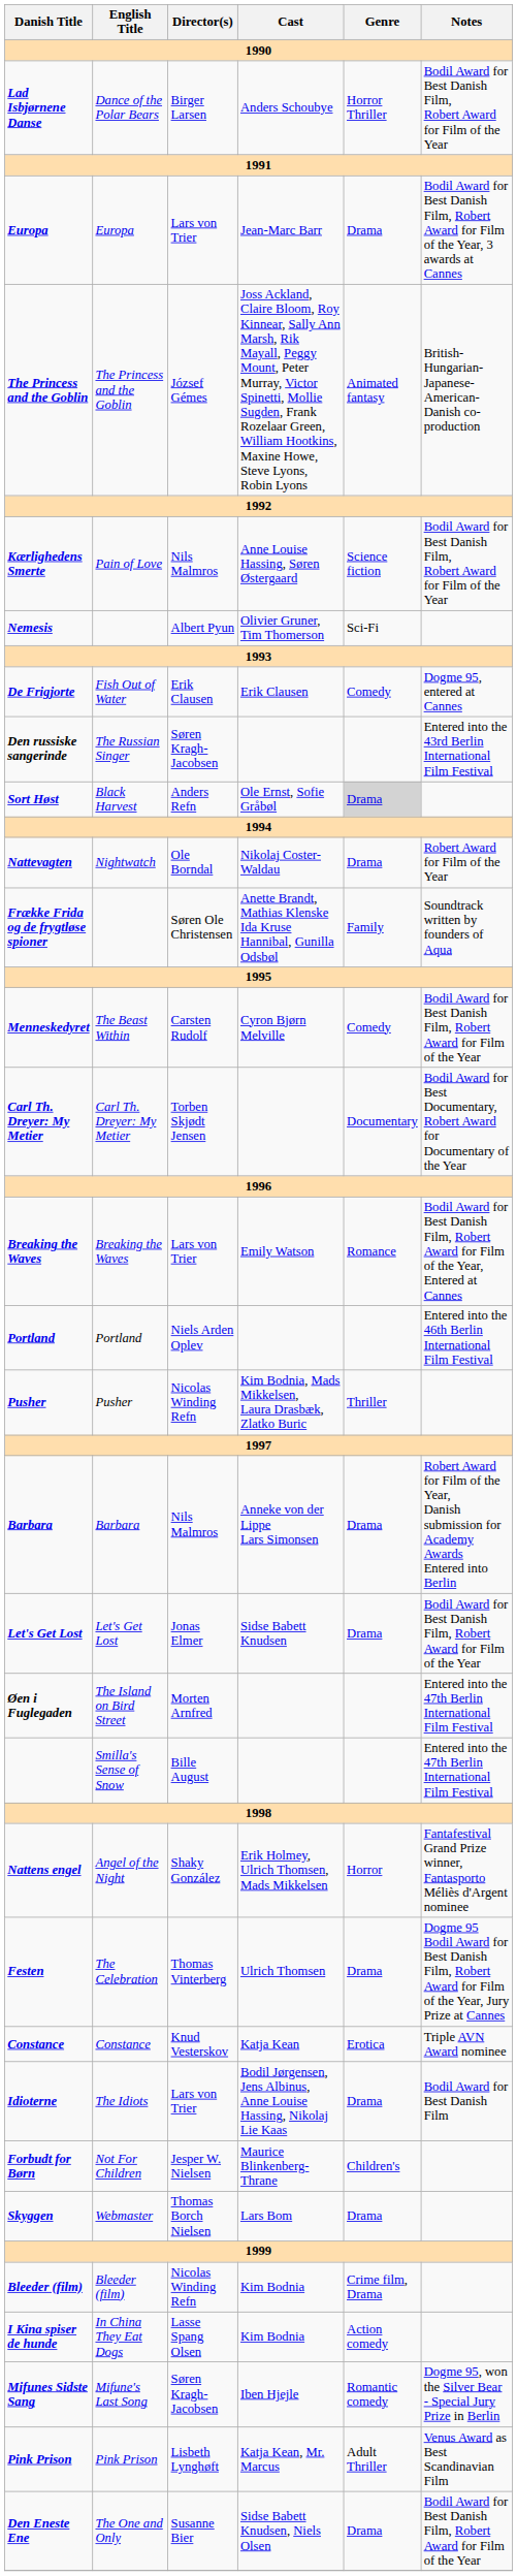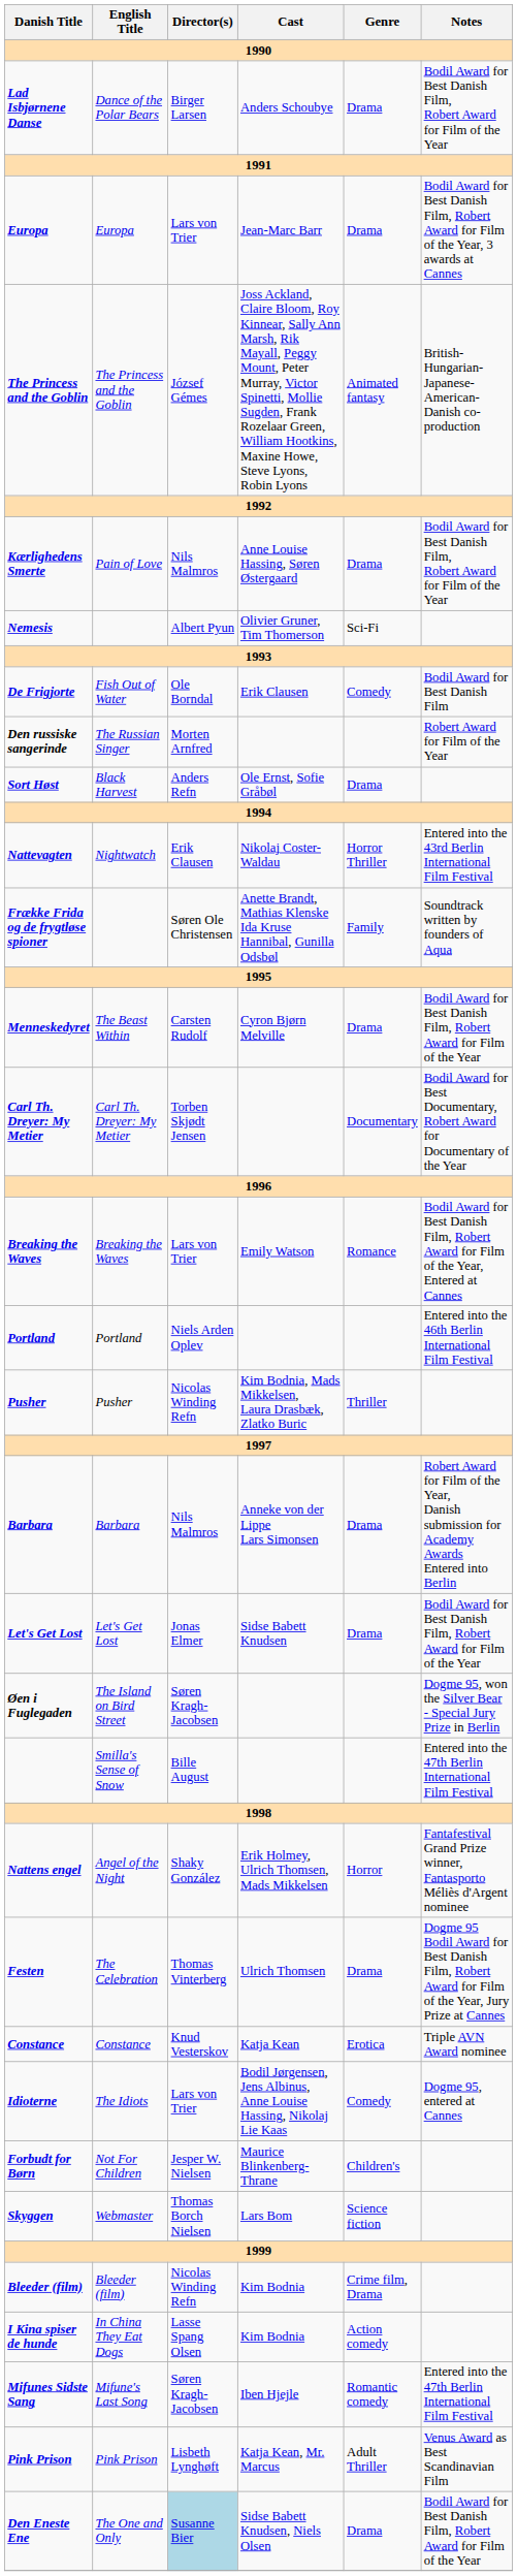 <table class="wikitable" width= "100%">
 <tr>
 <th width=16%>Danish Title</th>
 <th width=16%>English Title</th>
 <th width=14%>Director(s)</th>
 <th width=26%>Cast</th>
 <th width=6%>Genre</th>
 <th width=20%>Notes</th>
 </tr>
 <tr>
 <td colspan="7" style="text-align:center; background:#ffdead;"><strong>1990</strong></td>
 </tr>
 <tr>
 <td><strong><em><a href='#'>Lad Isbjørnene Danse</a></em></strong></td>
 <td><em><a href='#'>Dance of the Polar Bears</a></em></td>
 <td><a href='#'>Birger Larsen</a></td>
 <td><a href='#'>Anders Schoubye</a></td>
-<td><a href='#'>Horror</a> <a href='#'>Thriller</a></td>
+<td><a href='#'>Drama</a></td>
 <td><a href='#'>Bodil Award</a> for Best Danish Film, <br> <a href='#'>Robert Award</a> for Film of the Year</td>
 </tr>
 <tr>
 <td colspan="7" style="text-align:center; background:#ffdead;"><strong>1991</strong></td>
 </tr>
 <tr>
 <td><strong><em><a href='#'>Europa</a></em></strong></td>
 <td><em><a href='#'>Europa</a></em></td>
 <td><a href='#'>Lars von Trier</a></td>
 <td><a href='#'>Jean-Marc Barr</a></td>
 <td><a href='#'>Drama</a></td>
 <td><a href='#'>Bodil Award</a> for Best Danish Film, <a href='#'>Robert Award</a> for Film of the Year, 3 awards at <a href='#'>Cannes</a></td>
 </tr>
 <tr>
 <td><strong><em><a href='#'>The Princess and the Goblin</a></em></strong></td>
 <td><em><a href='#'>The Princess and the Goblin</a></em></td>
 <td><a href='#'>József Gémes</a></td>
 <td><a href='#'>Joss Ackland</a>, <a href='#'>Claire Bloom</a>, <a href='#'>Roy Kinnear</a>, <a href='#'>Sally Ann Marsh</a>, <a href='#'>Rik Mayall</a>, <a href='#'>Peggy Mount</a>, Peter Murray, <a href='#'>Victor Spinetti</a>, <a href='#'>Mollie Sugden</a>, Frank Rozelaar Green, <a href='#'>William Hootkins</a>, Maxine Howe, Steve Lyons, Robin Lyons</td>
 <td><a href='#'>Animated</a> <a href='#'>fantasy</a></td>
 <td>British-Hungarian-Japanese-American-Danish co-production</td>
 </tr>
 <tr>
 <td colspan="7" style="text-align:center; background:#ffdead;"><strong>1992</strong></td>
 </tr>
 <tr>
 <td><strong><em><a href='#'>Kærlighedens Smerte</a></em></strong></td>
 <td><em><a href='#'>Pain of Love</a></em></td>
 <td><a href='#'>Nils Malmros</a></td>
 <td><a href='#'>Anne Louise Hassing</a>, <a href='#'>Søren Østergaard</a></td>
-<td><a href='#'>Science fiction</a></td>
+<td><a href='#'>Drama</a></td>
 <td><a href='#'>Bodil Award</a> for Best Danish Film,<br> <a href='#'>Robert Award</a> for Film of the Year</td>
 </tr>
 <tr>
 <td><strong><em><a href='#'>Nemesis</a></em></strong></td>
 <td></td>
 <td><a href='#'>Albert Pyun</a></td>
 <td><a href='#'>Olivier Gruner</a>, <a href='#'>Tim Thomerson</a></td>
 <td>Sci-Fi</td>
 <td></td>
 </tr>
 <tr>
 <td colspan="7" style="text-align:center; background:#ffdead;"><strong>1993</strong></td>
 </tr>
 <tr>
 <td><strong><em><a href='#'>De Frigjorte</a></em></strong></td>
 <td><em><a href='#'>Fish Out of Water</a></em></td>
-<td><a href='#'>Erik Clausen</a></td>
+<td><a href='#'>Ole Borndal</a></td>
 <td><a href='#'>Erik Clausen</a></td>
 <td><a href='#'>Comedy</a></td>
-<td><a href='#'>Dogme 95</a>, entered at <a href='#'>Cannes</a></td>
+<td><a href='#'>Bodil Award</a> for Best Danish Film</td>
 </tr>
 <tr>
 <td><strong><em>Den russiske sangerinde</em></strong></td>
 <td><em><a href='#'>The Russian Singer</a></em></td>
-<td><a href='#'>Søren Kragh-Jacobsen</a></td>
+<td><a href='#'>Morten Arnfred</a></td>
 <td></td>
 <td></td>
-<td>Entered into the <a href='#'>43rd Berlin International Film Festival</a></td>
+<td><a href='#'>Robert Award</a> for Film of the Year</td>
 </tr>
 <tr>
 <td><strong><em><a href='#'>Sort Høst</a></em></strong></td>
 <td><em><a href='#'>Black Harvest</a></em></td>
 <td><a href='#'>Anders Refn</a></td>
 <td><a href='#'>Ole Ernst</a>, <a href='#'>Sofie Gråbøl</a></td>
-<td style="background: lightgrey;"><a href='#'>Drama</a></td>
+<td><a href='#'>Drama</a></td>
 <td></td>
 </tr>
 <tr>
 <td colspan="7" style="text-align:center; background:#ffdead;"><strong>1994</strong></td>
 </tr>
 <tr>
 <td><strong><em><a href='#'>Nattevagten</a></em></strong></td>
 <td><em><a href='#'>Nightwatch</a></em></td>
-<td><a href='#'>Ole Borndal</a></td>
+<td><a href='#'>Erik Clausen</a></td>
 <td><a href='#'>Nikolaj Coster-Waldau</a></td>
-<td><a href='#'>Drama</a></td>
-<td><a href='#'>Robert Award</a> for Film of the Year</td>
+<td><a href='#'>Horror</a> <a href='#'>Thriller</a></td>
+<td>Entered into the <a href='#'>43rd Berlin International Film Festival</a></td>
 </tr>
 <tr>
 <td><strong><em><a href='#'>Frække Frida og de frygtløse spioner</a></em></strong></td>
 <td></td>
 <td>Søren Ole Christensen</td>
 <td><a href='#'>Anette Brandt</a>, <a href='#'>Mathias Klenske</a><br><a href='#'>Ida Kruse Hannibal</a>, <a href='#'>Gunilla Odsbøl</a></td>
 <td><a href='#'>Family</a></td>
 <td>Soundtrack written by founders of <a href='#'>Aqua</a></td>
 </tr>
 <tr>
 <td colspan="7" style="text-align:center; background:#ffdead;"><strong>1995</strong></td>
 </tr>
 <tr>
 <td><strong><em><a href='#'>Menneskedyret</a></em></strong></td>
 <td><em><a href='#'>The Beast Within</a></em></td>
 <td><a href='#'>Carsten Rudolf</a></td>
 <td><a href='#'>Cyron Bjørn Melville</a></td>
-<td><a href='#'>Comedy</a></td>
+<td><a href='#'>Drama</a></td>
 <td><a href='#'>Bodil Award</a>  for Best Danish Film, <a href='#'>Robert Award</a> for Film of the Year</td>
 </tr>
 <tr>
 <td><strong><em><a href='#'>Carl Th. Dreyer: My Metier</a></em></strong></td>
 <td><em><a href='#'>Carl Th. Dreyer: My Metier</a></em></td>
 <td><a href='#'>Torben Skjødt Jensen</a></td>
 <td></td>
 <td><a href='#'>Documentary</a></td>
 <td><a href='#'>Bodil Award</a> for Best Documentary, <a href='#'>Robert Award</a> for Documentary of the Year</td>
 </tr>
 <tr>
 <td colspan="7" style="text-align:center; background:#ffdead;"><strong>1996</strong></td>
 </tr>
 <tr>
 <td><strong><em><a href='#'>Breaking the Waves</a></em></strong></td>
 <td><em><a href='#'>Breaking the Waves</a></em></td>
 <td><a href='#'>Lars von Trier</a></td>
 <td><a href='#'>Emily Watson</a></td>
 <td><a href='#'>Romance</a></td>
 <td><a href='#'>Bodil Award</a> for Best Danish Film, <a href='#'>Robert Award</a> for Film of the Year, <br>Entered at <a href='#'>Cannes</a></td>
 </tr>
 <tr>
 <td><strong><em><a href='#'>Portland</a></em></strong></td>
 <td><em>Portland</em></td>
 <td><a href='#'>Niels Arden Oplev</a></td>
 <td></td>
 <td></td>
 <td>Entered into the <a href='#'>46th Berlin International Film Festival</a></td>
 </tr>
 <tr>
 <td><strong><em><a href='#'>Pusher</a></em></strong></td>
 <td><em>Pusher</em></td>
 <td><a href='#'>Nicolas Winding Refn</a></td>
 <td><a href='#'>Kim Bodnia</a>, <a href='#'>Mads Mikkelsen</a>, <br><a href='#'>Laura Drasbæk</a>, <a href='#'>Zlatko Buric</a></td>
 <td><a href='#'>Thriller</a></td>
 <td></td>
 </tr>
 <tr>
 <td colspan="7" style="text-align:center; background:#ffdead;"><strong>1997</strong></td>
 </tr>
 <tr>
 <td><strong><em><a href='#'>Barbara</a></em></strong></td>
 <td><em><a href='#'>Barbara</a></em></td>
 <td><a href='#'>Nils Malmros</a></td>
 <td><a href='#'>Anneke von der Lippe</a><br><a href='#'>Lars Simonsen</a></td>
 <td><a href='#'>Drama</a></td>
 <td><a href='#'>Robert Award</a> for Film of the Year,<br> Danish submission for <a href='#'>Academy Awards</a><br>Entered into <a href='#'>Berlin</a></td>
 </tr>
 <tr>
 <td><strong><em><a href='#'>Let's Get Lost</a></em></strong></td>
 <td><em><a href='#'>Let's Get Lost</a></em></td>
 <td><a href='#'>Jonas Elmer</a></td>
 <td><a href='#'>Sidse Babett Knudsen</a></td>
 <td><a href='#'>Drama</a></td>
 <td><a href='#'>Bodil Award</a> for Best Danish Film, <a href='#'>Robert Award</a> for Film of the Year</td>
 </tr>
 <tr>
 <td><strong><em>Øen i Fuglegaden</em></strong></td>
 <td><em><a href='#'>The Island on Bird Street</a></em></td>
-<td><a href='#'>Morten Arnfred</a></td>
+<td><a href='#'>Søren Kragh-Jacobsen</a></td>
 <td></td>
 <td></td>
-<td>Entered into the <a href='#'>47th Berlin International Film Festival</a></td>
+<td><a href='#'>Dogme 95</a>, won the <a href='#'>Silver Bear - Special Jury Prize</a> in <a href='#'>Berlin</a></td>
 </tr>
 <tr>
 <td></td>
 <td><em><a href='#'>Smilla's Sense of Snow</a></em></td>
 <td><a href='#'>Bille August</a></td>
 <td></td>
 <td></td>
 <td>Entered into the <a href='#'>47th Berlin International Film Festival</a></td>
 </tr>
 <tr>
 <td colspan="7" style="text-align:center; background:#ffdead;"><strong>1998</strong></td>
 </tr>
 <tr>
 <td><strong><em><a href='#'>Nattens engel</a></em></strong></td>
 <td><em><a href='#'>Angel of the Night</a></em></td>
 <td><a href='#'>Shaky González</a></td>
 <td><a href='#'>Erik Holmey</a>, <a href='#'>Ulrich Thomsen</a>, <a href='#'>Mads Mikkelsen</a></td>
 <td><a href='#'>Horror</a></td>
 <td><a href='#'>Fantafestival</a> Grand Prize winner, <a href='#'>Fantasporto</a> Méliès d'Argent nominee</td>
 </tr>
 <tr>
 <td><strong><em><a href='#'>Festen</a></em></strong></td>
 <td><em><a href='#'>The Celebration</a></em></td>
 <td><a href='#'>Thomas Vinterberg</a></td>
 <td><a href='#'>Ulrich Thomsen</a></td>
 <td><a href='#'>Drama</a></td>
 <td><a href='#'>Dogme 95</a><br> <a href='#'>Bodil Award</a> for Best Danish Film, <a href='#'>Robert Award</a> for Film of the Year, Jury Prize at <a href='#'>Cannes</a></td>
 </tr>
 <tr>
 <td><strong><em><a href='#'>Constance</a></em></strong></td>
 <td><em><a href='#'>Constance</a></em></td>
 <td><a href='#'>Knud Vesterskov</a></td>
 <td><a href='#'>Katja Kean</a></td>
 <td><a href='#'>Erotica</a></td>
 <td>Triple <a href='#'>AVN Award</a> nominee</td>
 </tr>
 <tr>
 <td><strong><em><a href='#'>Idioterne</a></em></strong></td>
 <td><em><a href='#'>The Idiots</a></em></td>
 <td><a href='#'>Lars von Trier</a></td>
 <td><a href='#'>Bodil Jørgensen</a>,    <a href='#'>Jens Albinus</a>,<br>    <a href='#'>Anne Louise Hassing</a>,     <a href='#'>Nikolaj Lie Kaas</a></td>
-<td><a href='#'>Drama</a></td>
-<td><a href='#'>Bodil Award</a> for Best Danish Film</td>
+<td><a href='#'>Comedy</a></td>
+<td><a href='#'>Dogme 95</a>, entered at <a href='#'>Cannes</a></td>
 </tr>
 <tr>
 <td><strong><em><a href='#'>Forbudt for Børn</a></em></strong></td>
 <td><em><a href='#'>Not For Children</a></em></td>
 <td><a href='#'>Jesper W. Nielsen</a></td>
 <td><a href='#'>Maurice Blinkenberg-Thrane</a></td>
 <td><a href='#'>Children's</a></td>
 <td></td>
 </tr>
 <tr>
 <td><strong><em><a href='#'>Skyggen</a></em></strong></td>
 <td><em><a href='#'>Webmaster</a></em></td>
 <td><a href='#'>Thomas Borch Nielsen</a></td>
 <td><a href='#'>Lars Bom</a></td>
-<td><a href='#'>Drama</a></td>
+<td><a href='#'>Science fiction</a></td>
 <td></td>
 </tr>
 <tr>
 <td colspan="7" style="text-align:center; background:#ffdead;"><strong>1999</strong></td>
 </tr>
 <tr>
 <td><strong><em><a href='#'>Bleeder (film)</a></em></strong></td>
 <td><em><a href='#'>Bleeder (film)</a></em></td>
 <td><a href='#'>Nicolas Winding Refn</a></td>
 <td><a href='#'>Kim Bodnia</a></td>
 <td><a href='#'>Crime film</a>, <a href='#'>Drama</a></td>
 <td></td>
 </tr>
 <tr>
 <td><strong><em><a href='#'>I Kina spiser de hunde</a></em></strong></td>
 <td><em><a href='#'>In China They Eat Dogs</a></em></td>
 <td><a href='#'>Lasse Spang Olsen</a></td>
 <td><a href='#'>Kim Bodnia</a></td>
 <td><a href='#'>Action comedy</a></td>
 <td></td>
 </tr>
 <tr>
 <td><strong><em><a href='#'>Mifunes Sidste Sang</a></em></strong></td>
 <td><em><a href='#'>Mifune's Last Song</a></em></td>
 <td><a href='#'>Søren Kragh-Jacobsen</a></td>
 <td><a href='#'>Iben Hjejle</a></td>
 <td><a href='#'>Romantic comedy</a></td>
-<td><a href='#'>Dogme 95</a>, won the <a href='#'>Silver Bear - Special Jury Prize</a> in <a href='#'>Berlin</a></td>
+<td>Entered into the <a href='#'>47th Berlin International Film Festival</a></td>
 </tr>
 <tr>
 <td><strong><em><a href='#'>Pink Prison</a></em></strong></td>
 <td><em><a href='#'>Pink Prison</a></em></td>
 <td><a href='#'>Lisbeth Lynghøft</a></td>
 <td><a href='#'>Katja Kean</a>, <a href='#'>Mr. Marcus</a></td>
 <td>Adult <a href='#'>Thriller</a></td>
 <td><a href='#'>Venus Award</a> as Best Scandinavian Film</td>
 </tr>
 <tr>
 <td><strong><em><a href='#'>Den Eneste Ene</a></em></strong></td>
 <td><em><a href='#'>The One and Only</a></em></td>
-<td><a href='#'>Susanne Bier</a></td>
+<td style="background: lightblue;"><a href='#'>Susanne Bier</a></td>
 <td><a href='#'>Sidse Babett Knudsen</a>, <a href='#'>Niels Olsen</a></td>
 <td><a href='#'>Drama</a></td>
 <td><a href='#'>Bodil Award</a> for Best Danish Film, <a href='#'>Robert Award</a> for Film of the Year</td>
 </tr>
 <tr>
 </tr>
 </table>
